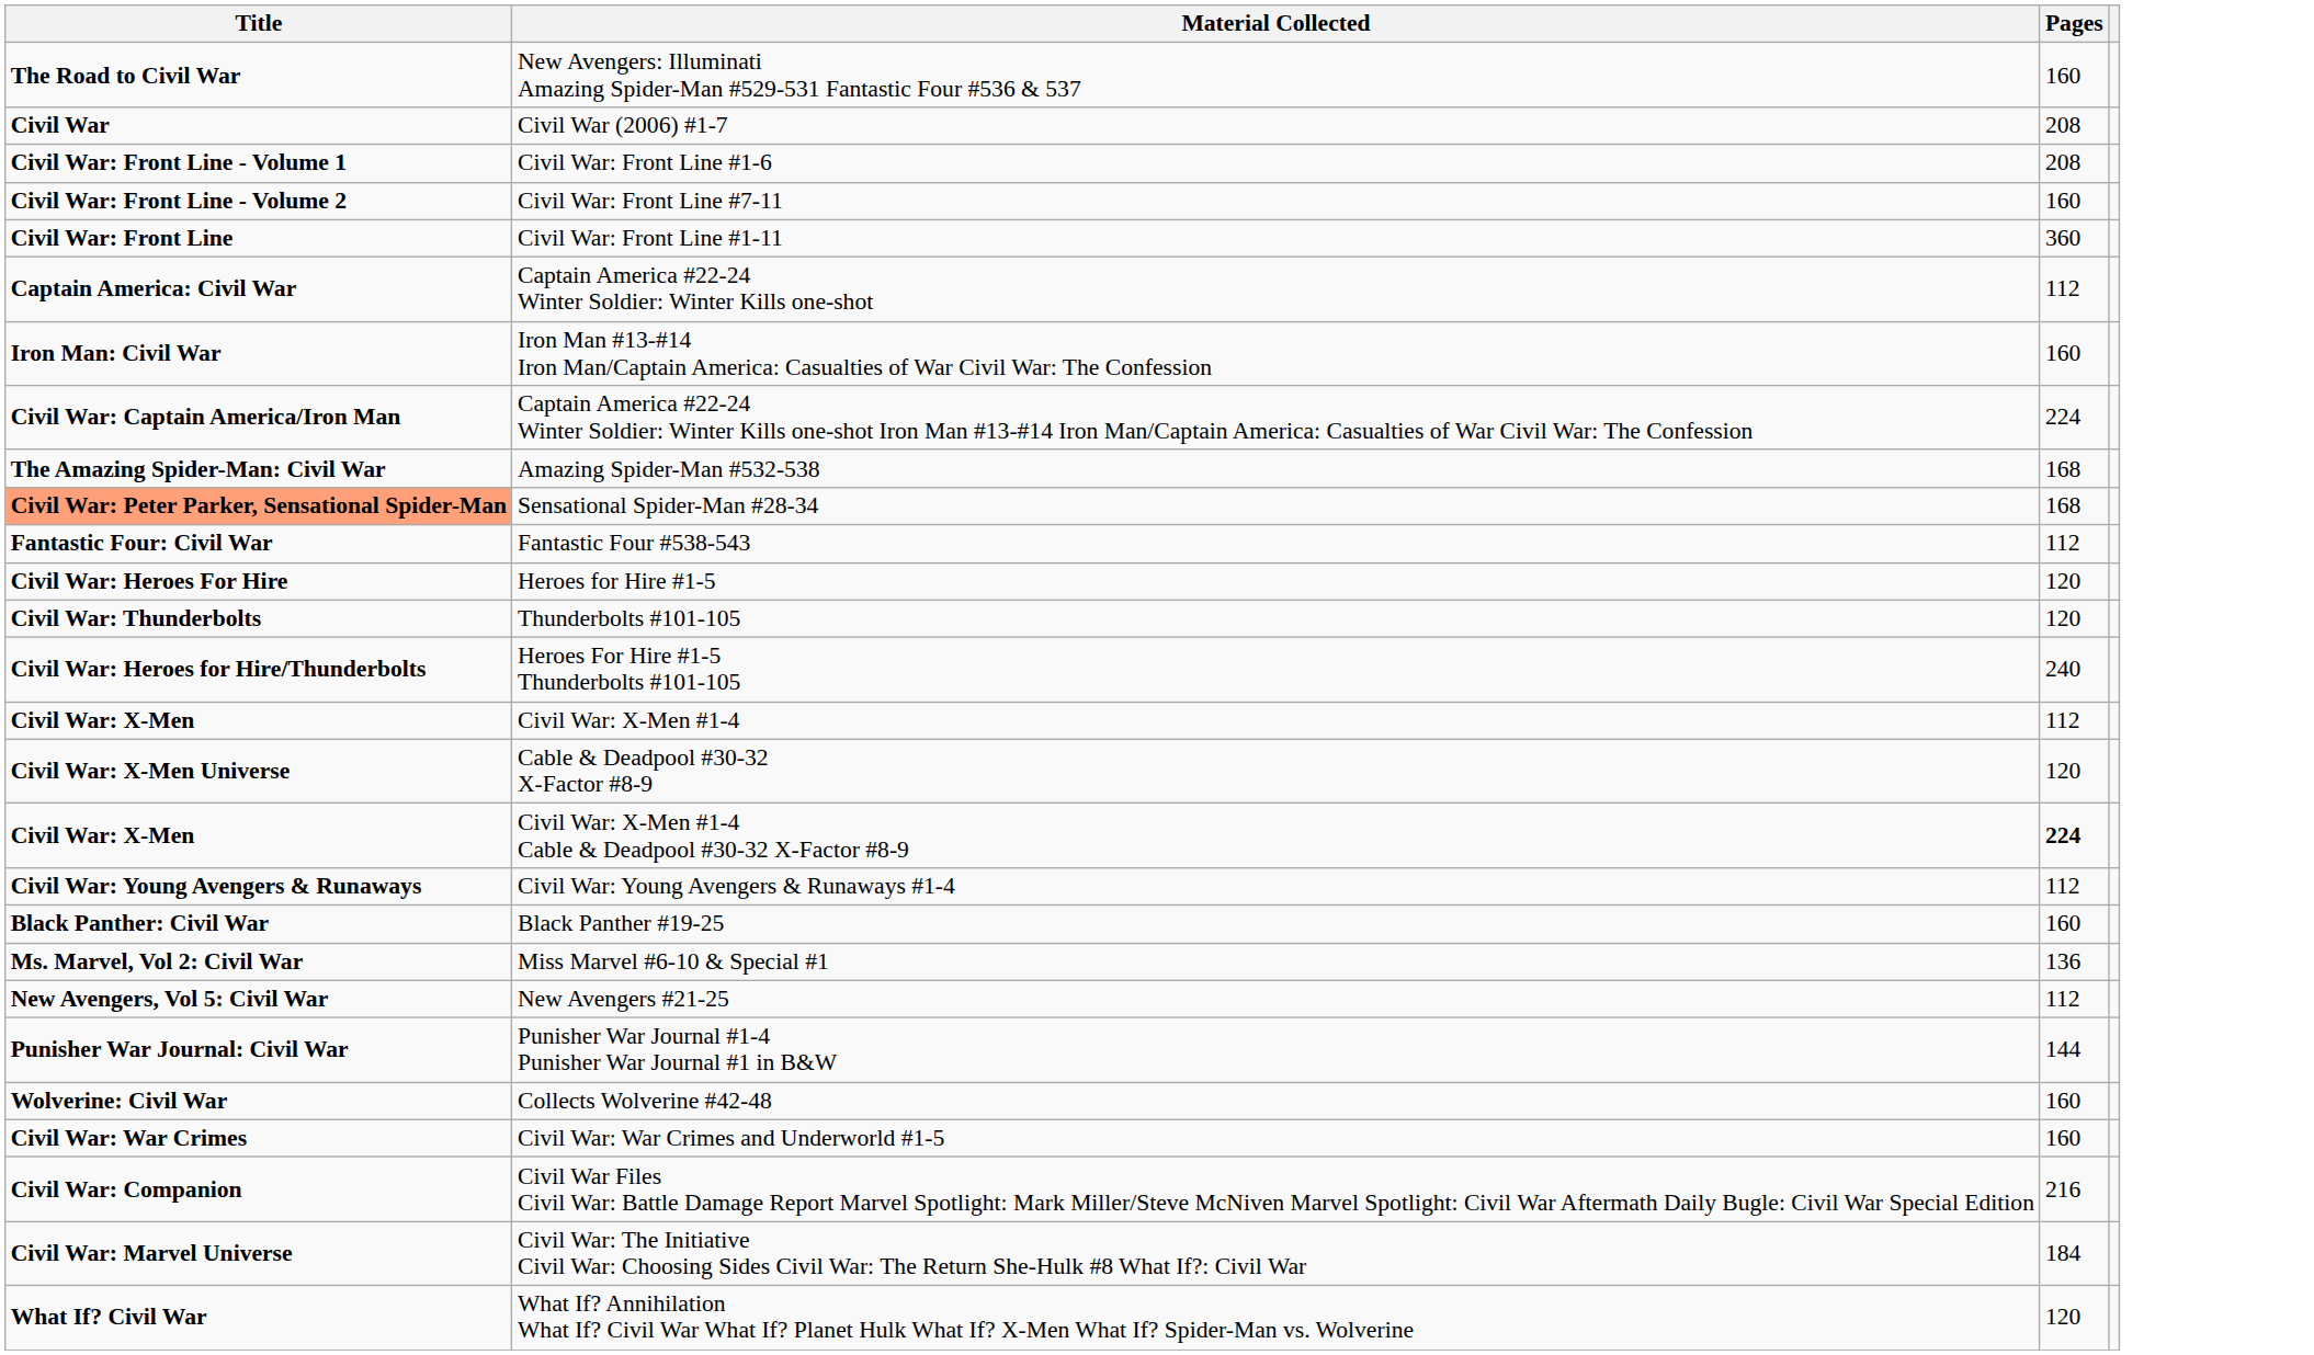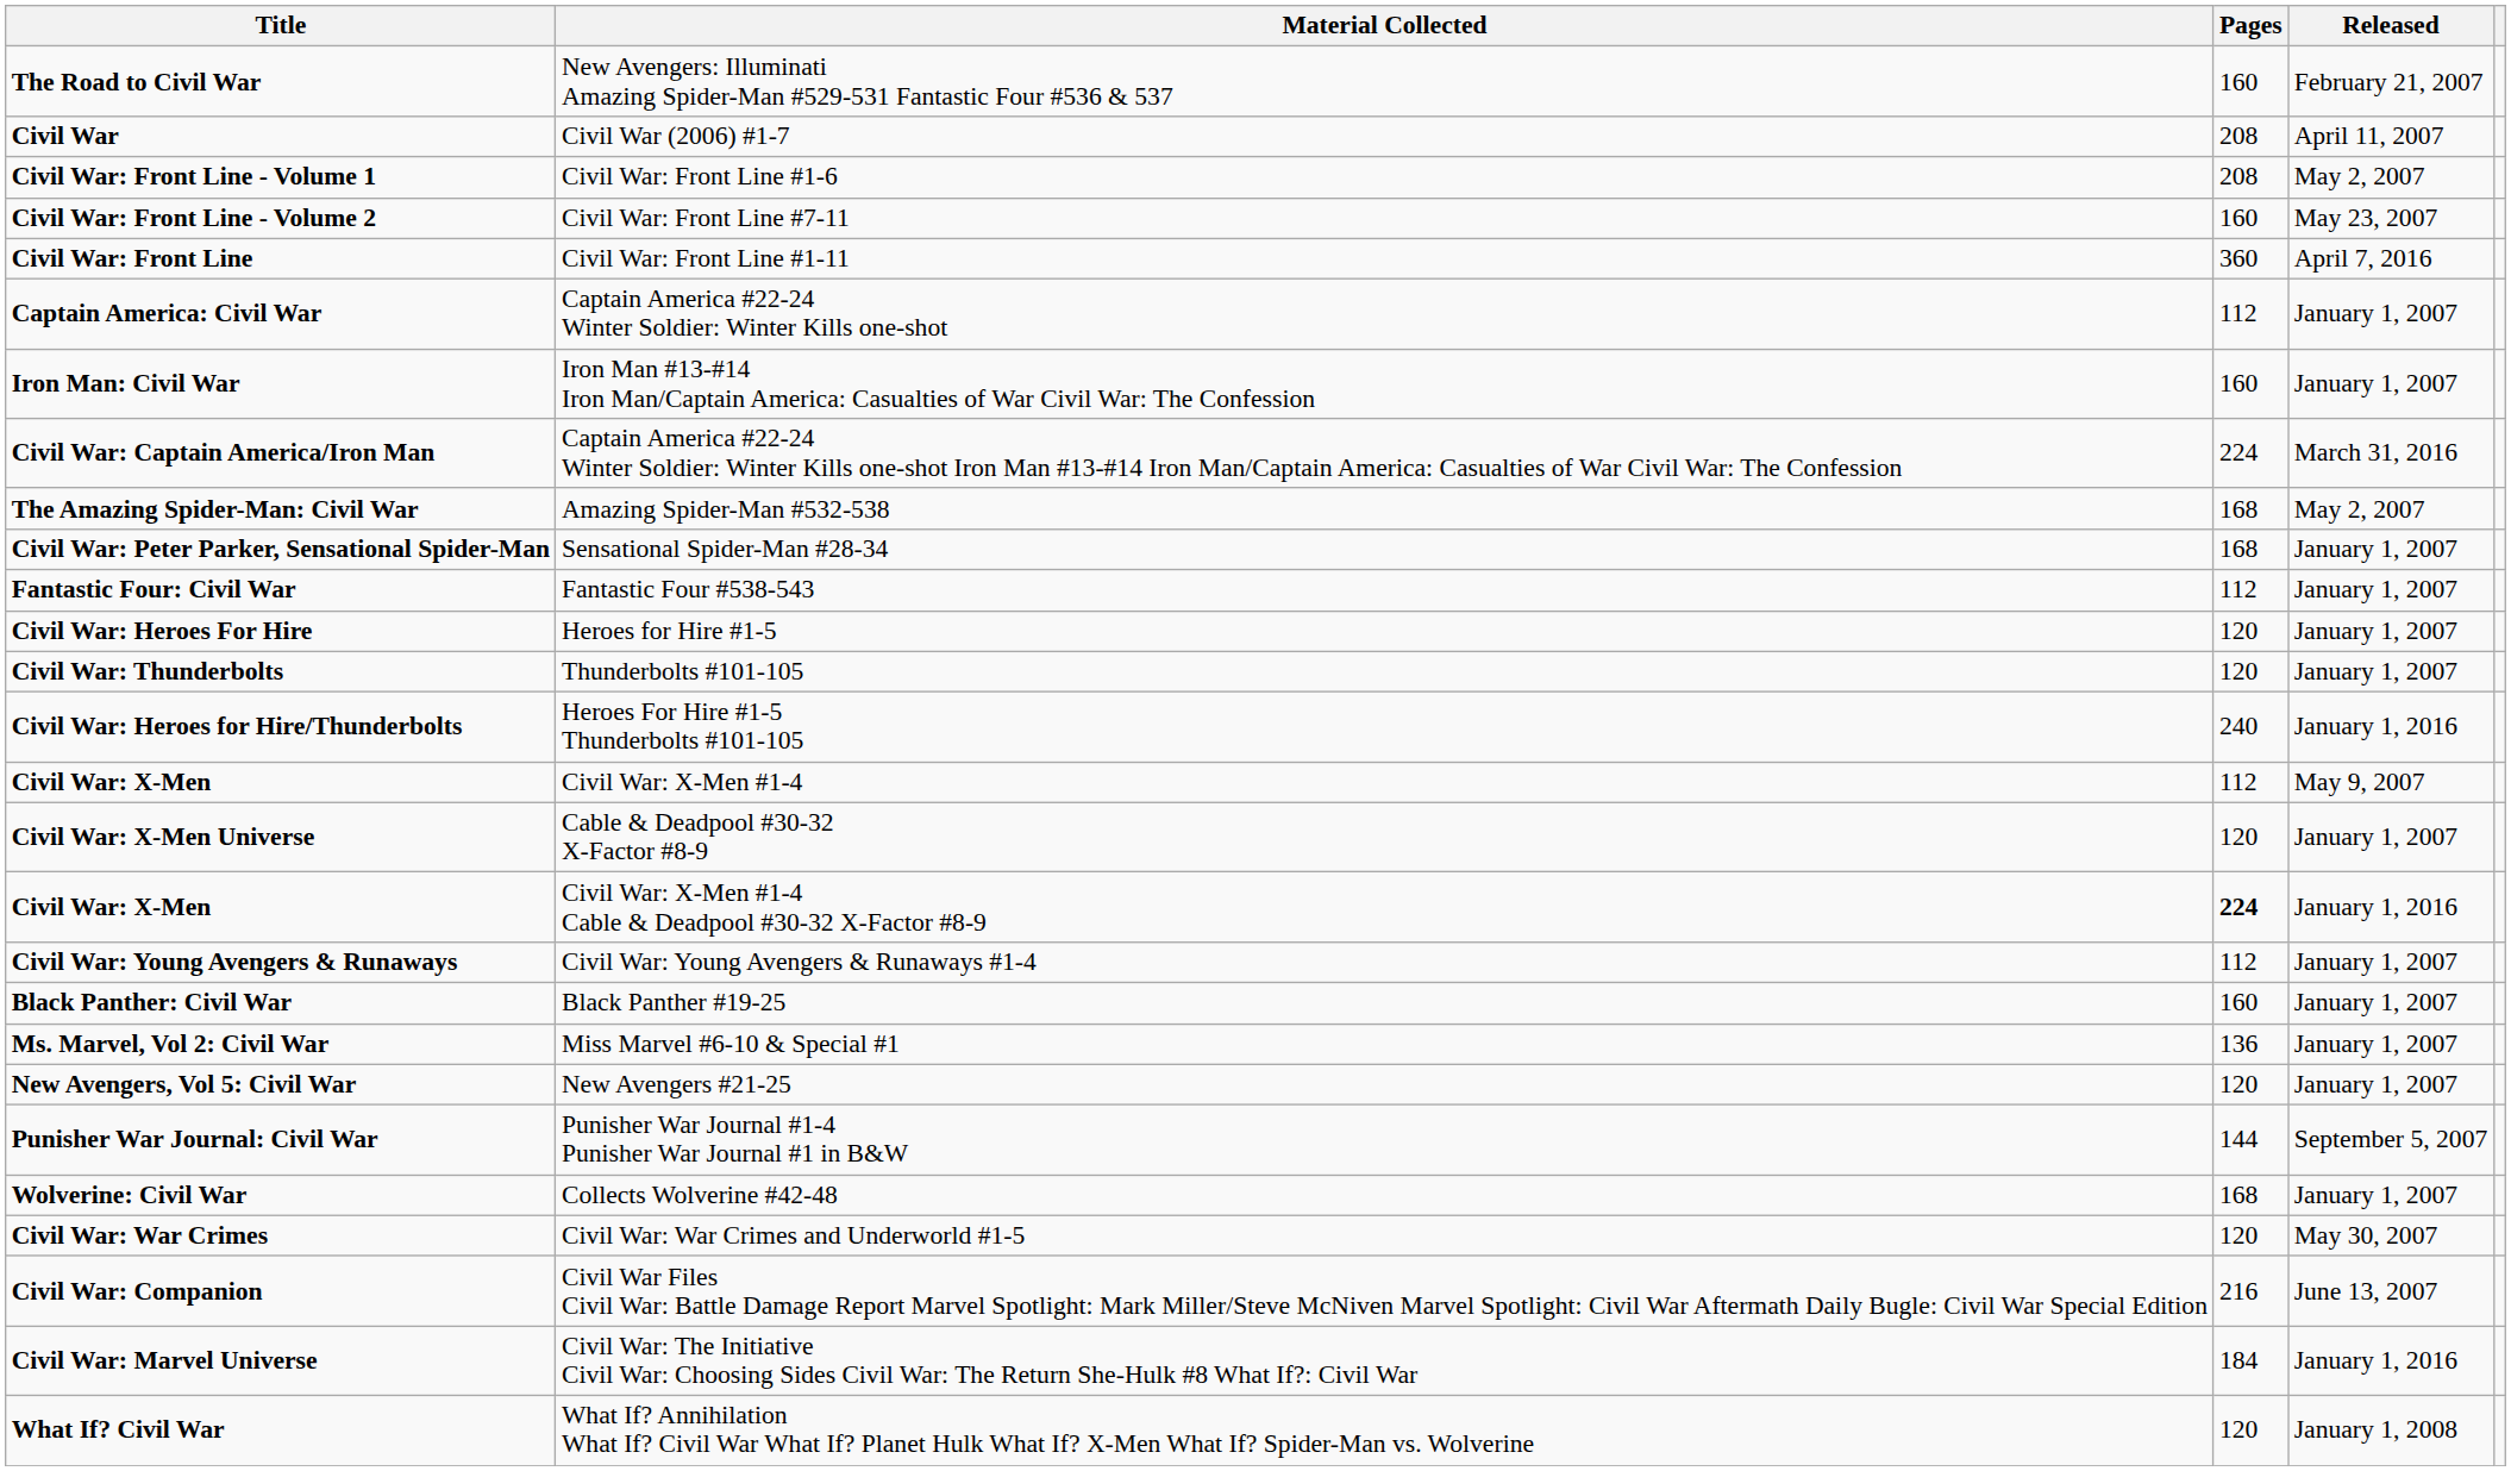 <table class="wikitable">
 <tr>
 <th>Title</th>
 <th>Material Collected</th>
 <th>Pages</th>
+<th>Released</th>
 <th></th>
 </tr>
 <tr>
 <td><strong>The Road to Civil War</strong></td>
 <td>New Avengers: Illuminati<br>Amazing Spider-Man #529-531 Fantastic Four #536 & 537</td>
 <td>160</td>
+<td>February 21, 2007</td>
 <td></td>
 </tr>
 <tr>
 <td><strong>Civil War</strong></td>
 <td>Civil War (2006) #1-7</td>
 <td>208</td>
+<td>April 11, 2007</td>
 <td></td>
 </tr>
 <tr>
 <td><strong>Civil War: Front Line - Volume 1</strong></td>
 <td>Civil War: Front Line  #1-6</td>
 <td>208</td>
+<td>May 2, 2007</td>
 <td></td>
 </tr>
 <tr>
 <td><strong>Civil War: Front Line - Volume 2</strong></td>
 <td>Civil War: Front Line  #7-11</td>
 <td>160</td>
+<td>May 23, 2007</td>
 <td></td>
 </tr>
 <tr>
 <td><strong>Civil War: Front Line</strong></td>
 <td>Civil War: Front Line  #1-11</td>
 <td>360</td>
+<td>April  7, 2016</td>
 <td></td>
 </tr>
 <tr>
 <td><strong>Captain America: Civil War</strong></td>
 <td>Captain America  #22-24<br>Winter Soldier: Winter Kills one-shot</td>
 <td>112</td>
+<td>January 1, 2007</td>
 <td></td>
 </tr>
 <tr>
 <td><strong>Iron Man: Civil War</strong></td>
 <td>Iron Man #13-#14<br>Iron Man/Captain America: Casualties of War Civil War: The Confession</td>
 <td>160</td>
+<td>January 1, 2007</td>
 <td></td>
 </tr>
 <tr>
 <td><strong>Civil War: Captain America/Iron Man</strong></td>
 <td>Captain America  #22-24<br>Winter Soldier: Winter Kills one-shot Iron Man #13-#14 Iron Man/Captain America: Casualties of War Civil War: The Confession</td>
 <td>224</td>
+<td>March 31, 2016</td>
 <td></td>
 </tr>
 <tr>
 <td><strong>The Amazing Spider-Man: Civil War</strong></td>
 <td>Amazing Spider-Man  #532-538</td>
 <td>168</td>
+<td>May 2, 2007</td>
 <td></td>
 </tr>
 <tr>
-<td style="background: lightsalmon;"><strong>Civil War: Peter Parker, Sensational Spider-Man</strong></td>
+<td><strong>Civil War: Peter Parker, Sensational Spider-Man</strong></td>
 <td>Sensational Spider-Man #28-34</td>
 <td>168</td>
+<td>January 1, 2007</td>
 <td></td>
 </tr>
 <tr>
 <td><strong>Fantastic Four: Civil War</strong></td>
 <td>Fantastic Four  #538-543</td>
 <td>112</td>
+<td>January 1, 2007</td>
 <td></td>
 </tr>
 <tr>
 <td><strong>Civil War: Heroes For Hire</strong></td>
 <td>Heroes for Hire #1-5</td>
 <td>120</td>
+<td>January 1, 2007</td>
 <td></td>
 </tr>
 <tr>
 <td><strong>Civil War: Thunderbolts</strong></td>
 <td>Thunderbolts #101-105</td>
 <td>120</td>
+<td>January 1, 2007</td>
 <td></td>
 </tr>
 <tr>
 <td><strong>Civil War: Heroes for Hire/Thunderbolts</strong></td>
 <td>Heroes For Hire #1-5<br>Thunderbolts #101-105</td>
 <td>240</td>
+<td>January 1, 2016</td>
 <td></td>
 </tr>
 <tr>
 <td><strong>Civil War: X-Men</strong></td>
 <td>Civil War: X-Men #1-4</td>
 <td>112</td>
+<td>May 9, 2007</td>
 <td></td>
 </tr>
 <tr>
 <td><strong>Civil War: X-Men Universe</strong></td>
 <td>Cable & Deadpool  #30-32<br>X-Factor #8-9</td>
 <td>120</td>
+<td>January 1, 2007</td>
 <td></td>
 </tr>
 <tr>
 <td><strong>Civil War: X-Men</strong></td>
 <td>Civil War: X-Men  #1-4<br>Cable & Deadpool #30-32 X-Factor #8-9</td>
 <td><strong>224</strong></td>
+<td>January 1, 2016</td>
 <td></td>
 </tr>
 <tr>
 <td><strong>Civil War: Young Avengers & Runaways</strong></td>
 <td>Civil War: Young  Avengers & Runaways #1-4</td>
 <td>112</td>
+<td>January 1, 2007</td>
 <td></td>
 </tr>
 <tr>
 <td><strong>Black Panther: Civil War</strong></td>
 <td>Black Panther #19-25</td>
 <td>160</td>
+<td>January 1, 2007</td>
 <td></td>
 </tr>
 <tr>
 <td><strong>Ms. Marvel, Vol 2: Civil War</strong></td>
 <td>Miss Marvel #6-10 & Special #1</td>
 <td>136</td>
+<td>January 1, 2007</td>
 <td></td>
 </tr>
 <tr>
 <td><strong>New Avengers, Vol 5: Civil War</strong></td>
 <td>New Avengers #21-25</td>
-<td>112</td>
+<td>120</td>
+<td>January 1, 2007</td>
 <td></td>
 </tr>
 <tr>
 <td><strong>Punisher War Journal: Civil War</strong></td>
 <td>Punisher War Journal  #1-4<br>Punisher War Journal #1 in B&W</td>
 <td>144</td>
+<td>September 5, 2007</td>
 <td></td>
 </tr>
 <tr>
 <td><strong>Wolverine: Civil War</strong></td>
 <td>Collects Wolverine  #42-48</td>
-<td>160</td>
+<td>168</td>
+<td>January 1, 2007</td>
 <td></td>
 </tr>
 <tr>
 <td><strong>Civil War: War Crimes</strong></td>
 <td>Civil War: War Crimes and Underworld #1-5</td>
-<td>160</td>
+<td>120</td>
+<td>May 30, 2007</td>
 <td></td>
 </tr>
 <tr>
 <td><strong>Civil War: Companion</strong></td>
 <td>Civil War Files<br>Civil War: Battle Damage Report Marvel Spotlight: Mark Miller/Steve McNiven Marvel Spotlight: Civil War Aftermath Daily Bugle: Civil War Special Edition</td>
 <td>216</td>
+<td>June 13, 2007</td>
 <td></td>
 </tr>
 <tr>
 <td><strong>Civil War: Marvel Universe</strong></td>
 <td>Civil War: The  Initiative<br>Civil War: Choosing Sides Civil War: The Return She-Hulk #8 What If?: Civil War</td>
 <td>184</td>
+<td>January 1, 2016</td>
 <td></td>
 </tr>
 <tr>
 <td><strong>What If? Civil War</strong></td>
 <td>What If? Annihilation<br>What If? Civil War What If? Planet Hulk What If? X-Men What If? Spider-Man vs. Wolverine</td>
 <td>120</td>
+<td>January 1, 2008</td>
 <td></td>
 </tr>
 </table>
